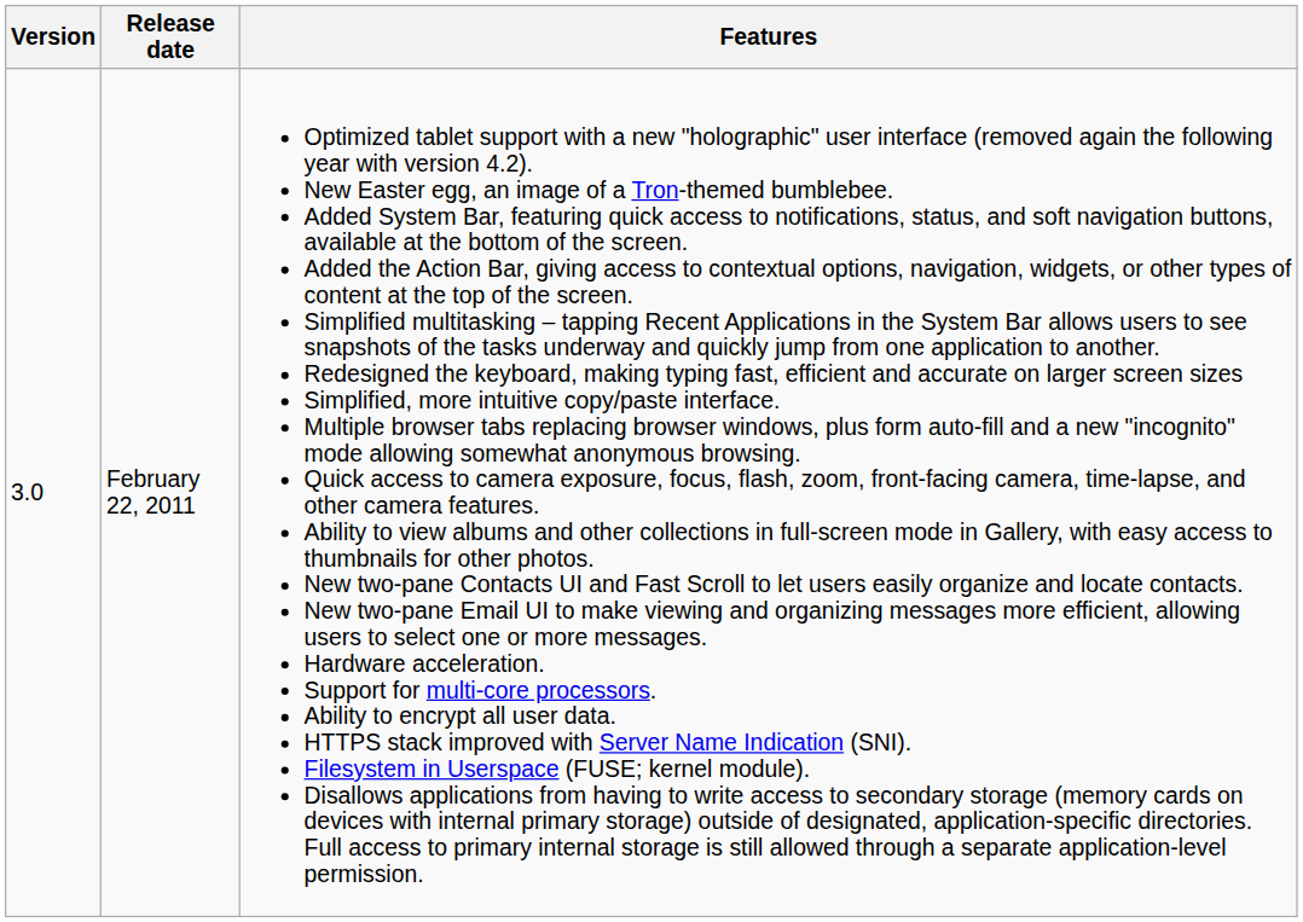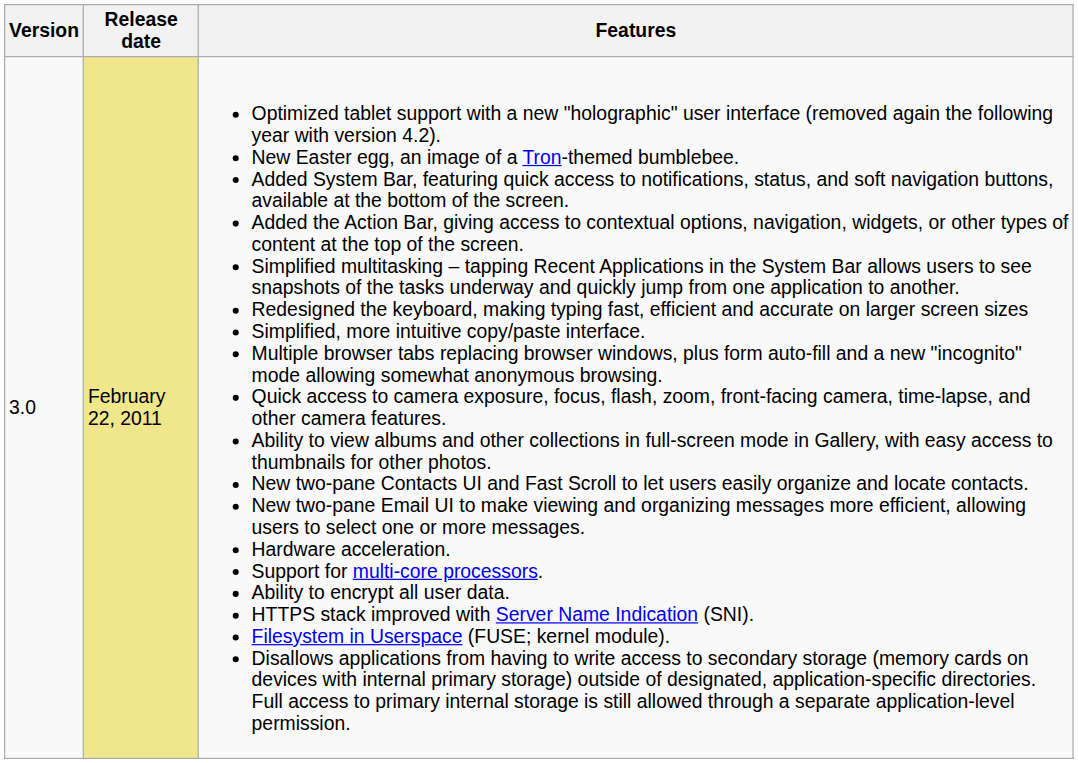 <table class="wikitable" style="width:100%;">
 <tr>
 <th style="width:2%;">Version</th>
 <th style="width:11%;">Release date</th>
 <th style="width:87%;">Features</th>
 </tr>
 <tr>
 <td>3.0</td>
-<td>February 22, 2011</td>
+<td style="background: khaki;">February 22, 2011</td>
 <td><br><ul><li>Optimized tablet support with a new "holographic" user interface (removed again the following year with version 4.2).</li><li>New Easter egg, an image of a <a href='#'>Tron</a>-themed bumblebee.</li><li>Added System Bar, featuring quick access to notifications, status, and soft navigation buttons, available at the bottom of the screen.</li><li>Added the Action Bar, giving access to contextual options, navigation, widgets, or other types of content at the top of the screen.</li><li>Simplified multitasking – tapping Recent Applications in the System Bar allows users to see snapshots of the tasks underway and quickly jump from one application to another.</li><li>Redesigned the keyboard, making typing fast, efficient and accurate on larger screen sizes</li><li>Simplified, more intuitive copy/paste interface.</li><li>Multiple browser tabs replacing browser windows, plus form auto-fill and a new "incognito" mode allowing somewhat anonymous browsing.</li><li>Quick access to camera exposure, focus, flash, zoom, front-facing camera, time-lapse, and other camera features.</li><li>Ability to view albums and other collections in full-screen mode in Gallery, with easy access to thumbnails for other photos.</li><li>New two-pane Contacts UI and Fast Scroll to let users easily organize and locate contacts.</li><li>New two-pane Email UI to make viewing and organizing messages more efficient, allowing users to select one or more messages.</li><li>Hardware acceleration.</li><li>Support for <a href='#'>multi-core processors</a>.</li><li>Ability to encrypt all user data.</li><li>HTTPS stack improved with <a href='#'>Server Name Indication</a> (SNI).</li><li><a href='#'>Filesystem in Userspace</a> (FUSE; kernel module).</li><li>Disallows applications from having to write access to secondary storage (memory cards on devices with internal primary storage) outside of designated, application-specific directories. Full access to primary internal storage is still allowed through a separate application-level permission.</li></ul></td>
 </tr>
 </table>
